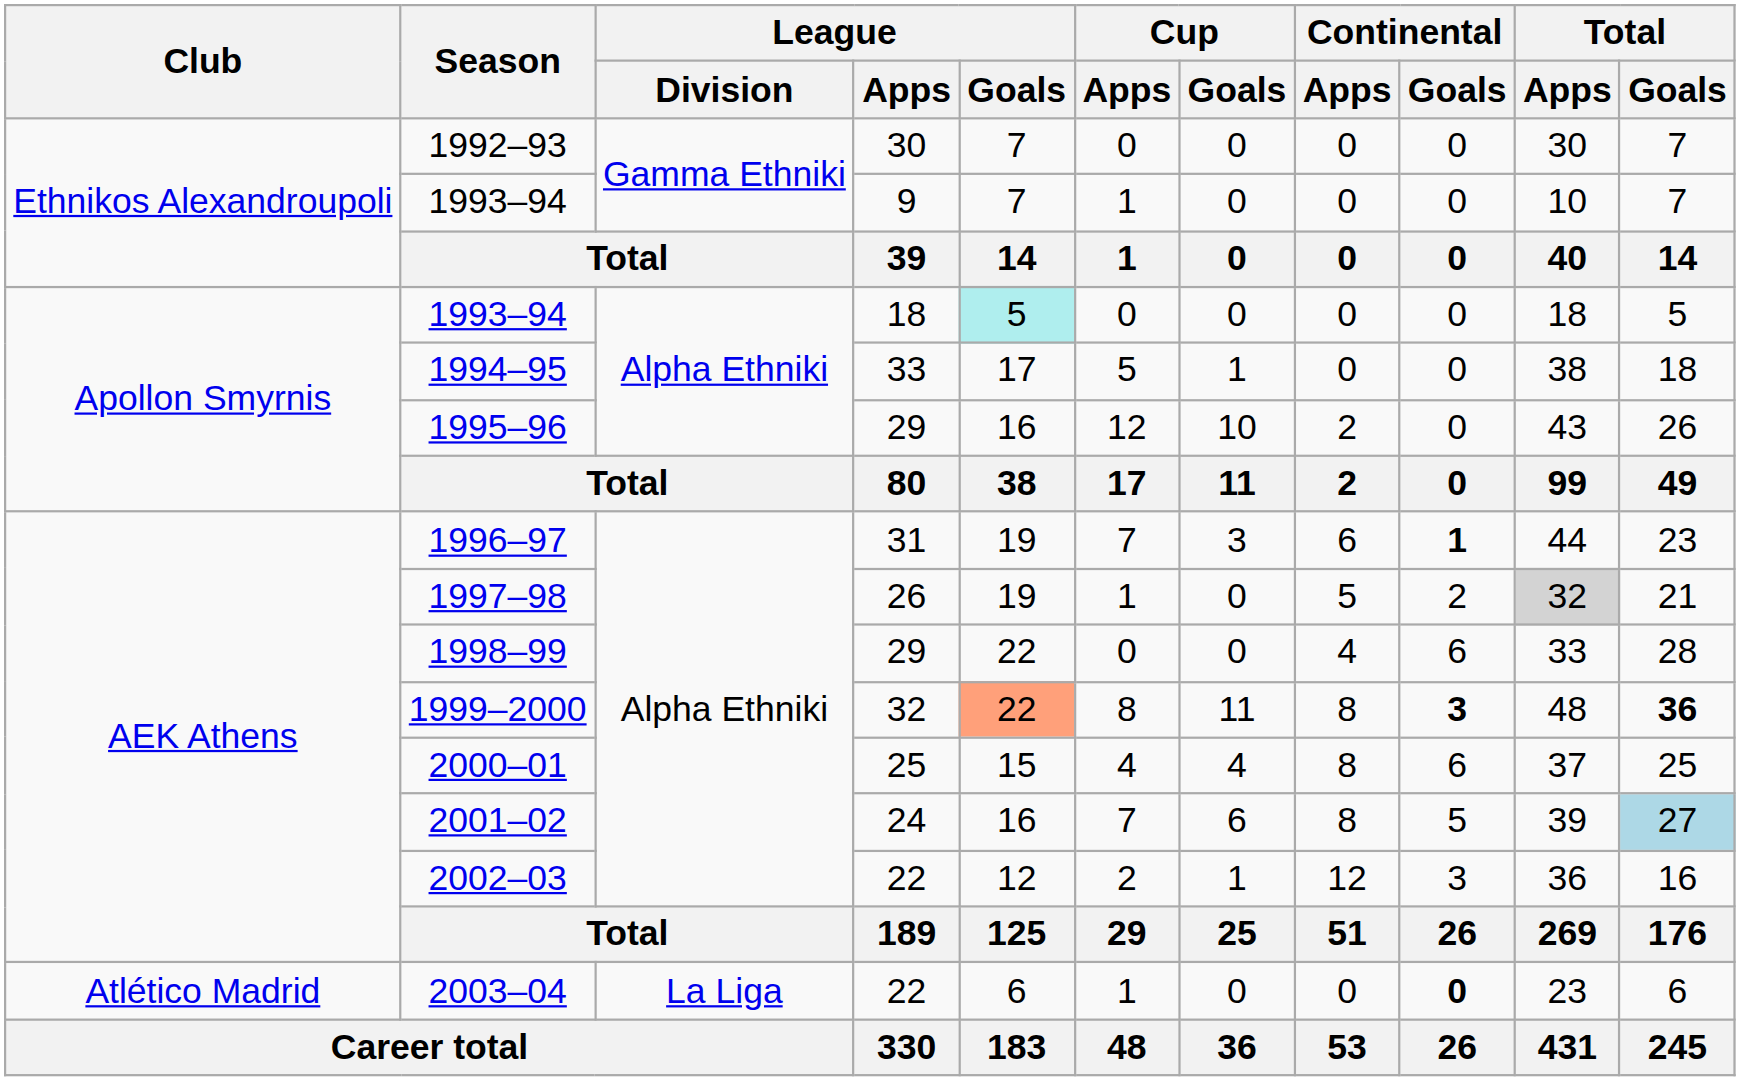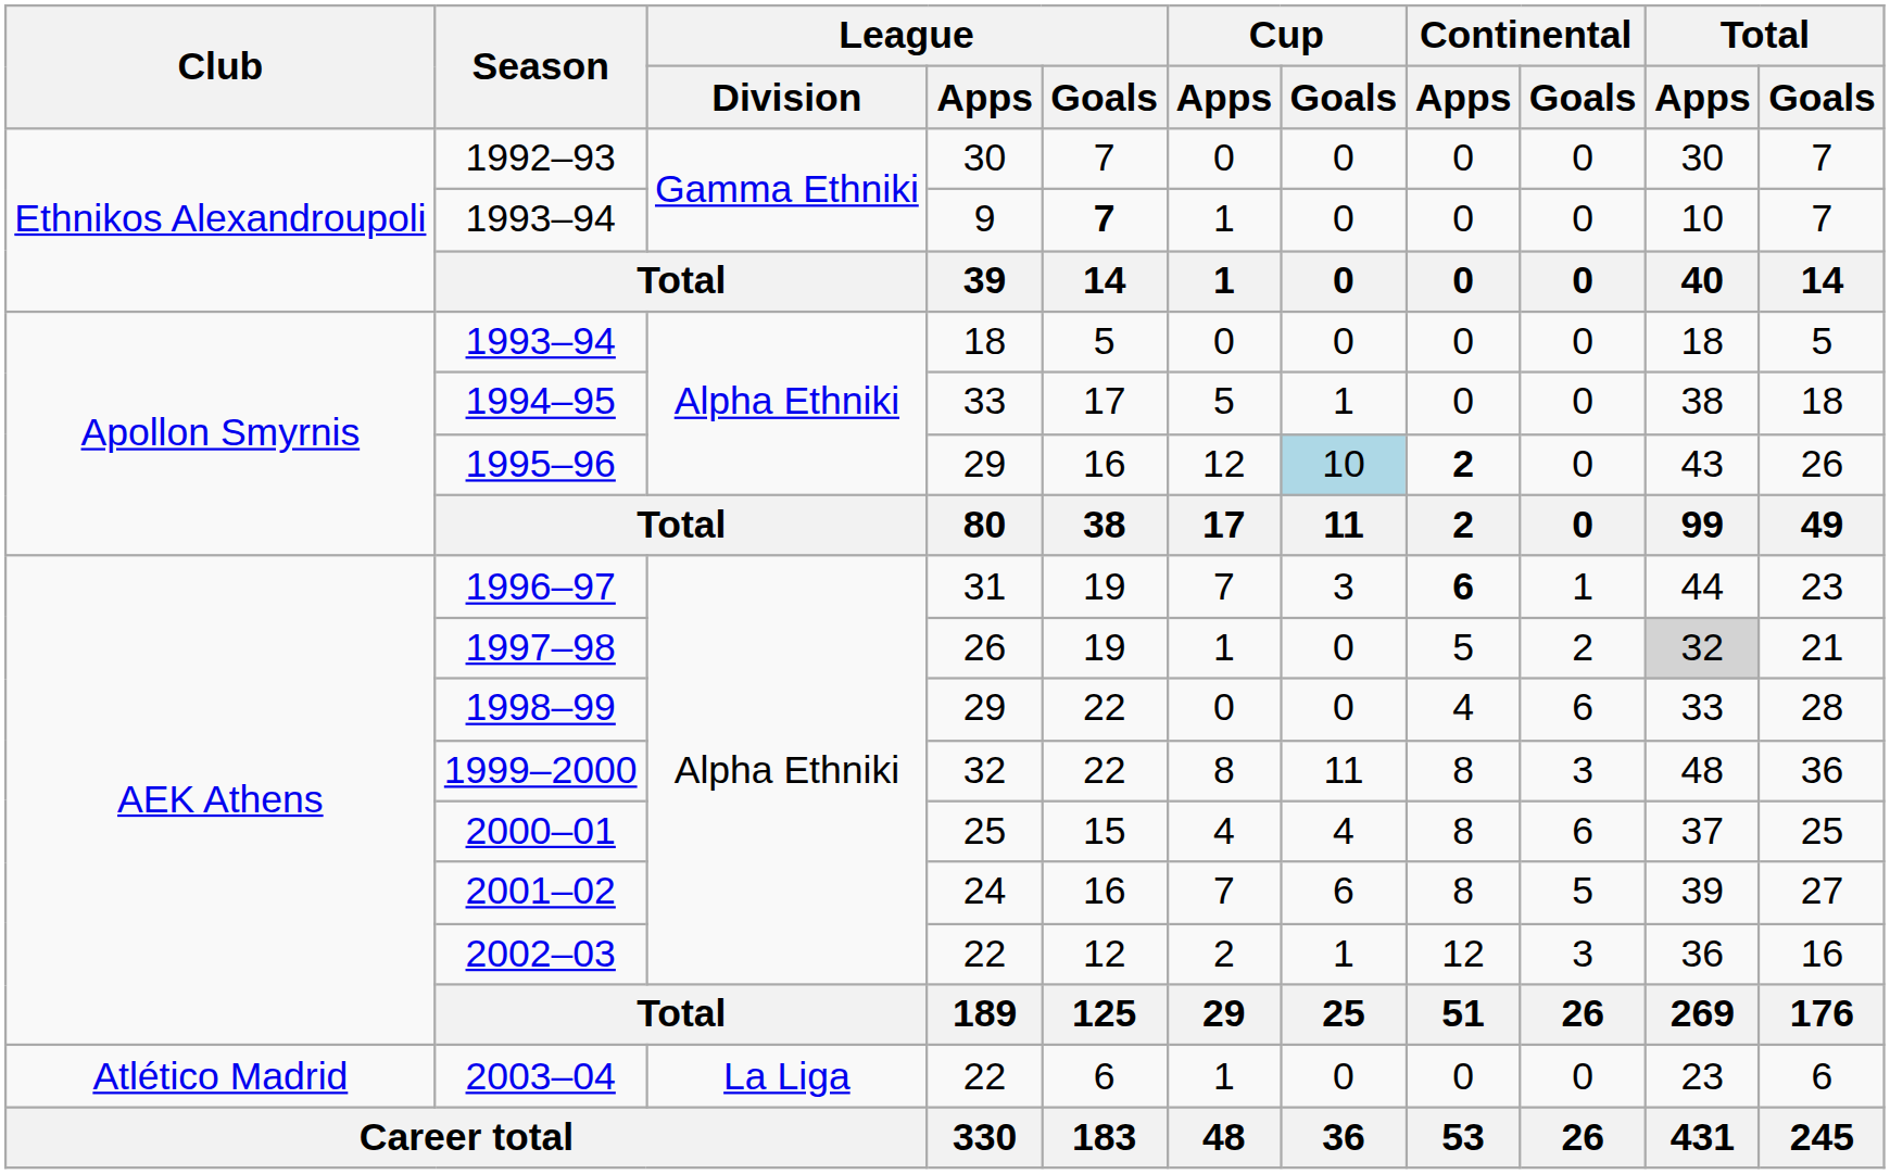 <table class="wikitable" style="text-align:center">
 <tr>
 <th rowspan="2">Club</th>
 <th rowspan="2">Season</th>
 <th colspan="3">League</th>
 <th colspan="2">Cup</th>
 <th colspan="2">Continental</th>
 <th colspan="2">Total</th>
 </tr>
 <tr>
 <th>Division</th>
 <th>Apps</th>
 <th>Goals</th>
 <th>Apps</th>
 <th>Goals</th>
 <th>Apps</th>
 <th>Goals</th>
 <th>Apps</th>
 <th>Goals</th>
 </tr>
 <tr>
 <td rowspan="3"><a href='#'>Ethnikos Alexandroupoli</a></td>
 <td>1992–93</td>
 <td rowspan="2"><a href='#'>Gamma Ethniki</a></td>
 <td>30</td>
 <td>7</td>
 <td>0</td>
 <td>0</td>
 <td>0</td>
 <td>0</td>
 <td>30</td>
 <td>7</td>
 </tr>
 <tr>
 <td>1993–94</td>
 <td>9</td>
-<td>7</td>
+<td><strong>7</strong></td>
 <td>1</td>
 <td>0</td>
 <td>0</td>
 <td>0</td>
 <td>10</td>
 <td>7</td>
 </tr>
 <tr>
 <th colspan="2">Total</th>
 <th>39</th>
 <th>14</th>
 <th>1</th>
 <th>0</th>
 <th>0</th>
 <th>0</th>
 <th>40</th>
 <th>14</th>
 </tr>
 <tr>
 <td rowspan="4"><a href='#'>Apollon Smyrnis</a></td>
 <td><a href='#'>1993–94</a></td>
 <td rowspan="3"><a href='#'>Alpha Ethniki</a></td>
 <td>18</td>
-<td style="background: paleturquoise;">5</td>
+<td>5</td>
 <td>0</td>
 <td>0</td>
 <td>0</td>
 <td>0</td>
 <td>18</td>
 <td>5</td>
 </tr>
 <tr>
 <td><a href='#'>1994–95</a></td>
 <td>33</td>
 <td>17</td>
 <td>5</td>
 <td>1</td>
 <td>0</td>
 <td>0</td>
 <td>38</td>
 <td>18</td>
 </tr>
 <tr>
 <td><a href='#'>1995–96</a></td>
 <td>29</td>
 <td>16</td>
 <td>12</td>
-<td>10</td>
-<td>2</td>
+<td style="background: lightblue;">10</td>
+<td><strong>2</strong></td>
 <td>0</td>
 <td>43</td>
 <td>26</td>
 </tr>
 <tr>
 <th colspan="2">Total</th>
 <th>80</th>
 <th>38</th>
 <th>17</th>
 <th>11</th>
 <th>2</th>
 <th>0</th>
 <th>99</th>
 <th>49</th>
 </tr>
 <tr>
 <td rowspan="8"><a href='#'>AEK Athens</a></td>
 <td><a href='#'>1996–97</a></td>
 <td rowspan="7">Alpha Ethniki</td>
 <td>31</td>
 <td>19</td>
 <td>7</td>
 <td>3</td>
-<td>6</td>
-<td><strong>1</strong></td>
+<td><strong>6</strong></td>
+<td>1</td>
 <td>44</td>
 <td>23</td>
 </tr>
 <tr>
 <td><a href='#'>1997–98</a></td>
 <td>26</td>
 <td>19</td>
 <td>1</td>
 <td>0</td>
 <td>5</td>
 <td>2</td>
 <td style="background: lightgrey;">32</td>
 <td>21</td>
 </tr>
 <tr>
 <td><a href='#'>1998–99</a></td>
 <td>29</td>
 <td>22</td>
 <td>0</td>
 <td>0</td>
 <td>4</td>
 <td>6</td>
 <td>33</td>
 <td>28</td>
 </tr>
 <tr>
 <td><a href='#'>1999–2000</a></td>
 <td>32</td>
-<td style="background: lightsalmon;">22</td>
+<td>22</td>
 <td>8</td>
 <td>11</td>
 <td>8</td>
-<td><strong>3</strong></td>
+<td>3</td>
 <td>48</td>
-<td><strong>36</strong></td>
+<td>36</td>
 </tr>
 <tr>
 <td><a href='#'>2000–01</a></td>
 <td>25</td>
 <td>15</td>
 <td>4</td>
 <td>4</td>
 <td>8</td>
 <td>6</td>
 <td>37</td>
 <td>25</td>
 </tr>
 <tr>
 <td><a href='#'>2001–02</a></td>
 <td>24</td>
 <td>16</td>
 <td>7</td>
 <td>6</td>
 <td>8</td>
 <td>5</td>
 <td>39</td>
-<td style="background: lightblue;">27</td>
+<td>27</td>
 </tr>
 <tr>
 <td><a href='#'>2002–03</a></td>
 <td>22</td>
 <td>12</td>
 <td>2</td>
 <td>1</td>
 <td>12</td>
 <td>3</td>
 <td>36</td>
 <td>16</td>
 </tr>
 <tr>
 <th colspan="2">Total</th>
 <th>189</th>
 <th>125</th>
 <th>29</th>
 <th>25</th>
 <th>51</th>
 <th>26</th>
 <th>269</th>
 <th>176</th>
 </tr>
 <tr>
 <td><a href='#'>Atlético Madrid</a></td>
 <td><a href='#'>2003–04</a></td>
 <td><a href='#'>La Liga</a></td>
 <td>22</td>
 <td>6</td>
 <td>1</td>
 <td>0</td>
 <td>0</td>
-<td><strong>0</strong></td>
+<td>0</td>
 <td>23</td>
 <td>6</td>
 </tr>
 <tr>
 <th colspan="3">Career total</th>
 <th>330</th>
 <th>183</th>
 <th>48</th>
 <th>36</th>
 <th>53</th>
 <th>26</th>
 <th>431</th>
 <th>245</th>
 </tr>
 </table>
